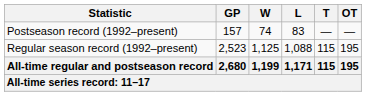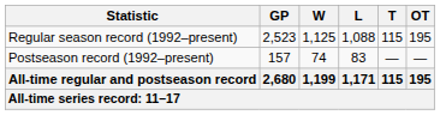 <table class="wikitable" style="text-align:center; font-size:95%">
 <tr>
 <th>Statistic</th>
 <th>GP</th>
 <th>W</th>
 <th>L</th>
 <th>T</th>
 <th>OT</th>
 </tr>
 <tr>
+<td style="text-align:left;">Regular season record (1992–present)</td>
+<td>2,523</td>
+<td>1,125</td>
+<td>1,088</td>
+<td>115</td>
+<td>195</td>
+</tr>
+<tr>
 <td style="text-align:left;">Postseason record (1992–present)</td>
 <td>157</td>
 <td>74</td>
 <td>83</td>
 <td>—</td>
 <td>—</td>
-</tr>
-<tr>
-<td style="text-align:left;">Regular season record (1992–present)</td>
-<td>2,523</td>
-<td>1,125</td>
-<td>1,088</td>
-<td>115</td>
-<td>195</td>
 </tr>
 <tr>
 <th style="text-align:left;">All-time regular and postseason record</th>
 <th>2,680</th>
 <th>1,199</th>
 <th>1,171</th>
 <th>115</th>
 <th>195</th>
 </tr>
 <tr>
 <th colspan="6" style="text-align:left; font-size:95%">All-time series record: 11–17</th>
 </tr>
 </table>
